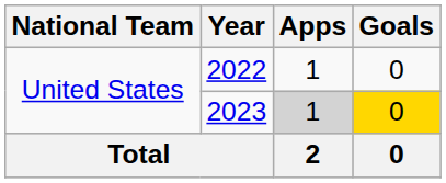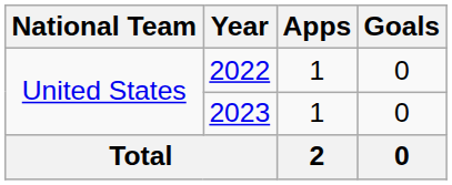 <table class="wikitable" style="text-align:center">
 <tr>
 <th>National Team</th>
 <th>Year</th>
 <th>Apps</th>
 <th>Goals</th>
 </tr>
 <tr>
 <td rowspan=2><a href='#'>United States</a></td>
 <td><a href='#'>2022</a></td>
 <td>1</td>
 <td>0</td>
 </tr>
 <tr>
 <td><a href='#'>2023</a></td>
-<td style="background: lightgrey;">1</td>
-<td style="background: gold;">0</td>
+<td>1</td>
+<td>0</td>
 </tr>
 <tr>
 <th colspan=2>Total</th>
 <th>2</th>
 <th>0</th>
 </tr>
 </table>
